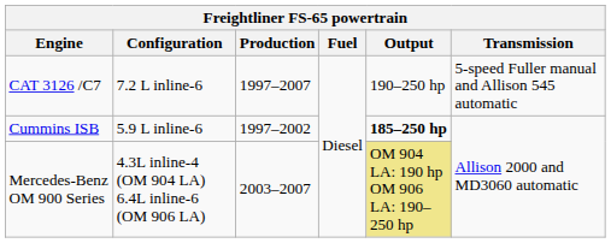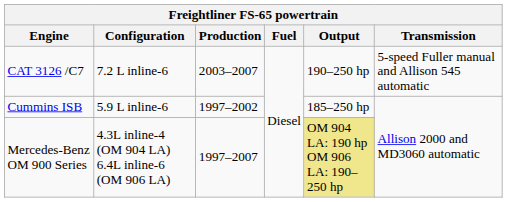 <table class="wikitable">
 <tr>
 <th colspan="6">Freightliner FS-65 powertrain</th>
 </tr>
 <tr>
 <th>Engine</th>
 <th>Configuration</th>
 <th>Production</th>
 <th>Fuel</th>
 <th>Output</th>
 <th>Transmission</th>
 </tr>
 <tr>
 <td><a href='#'>CAT 3126</a> /C7</td>
 <td>7.2 L inline-6</td>
-<td>1997–2007</td>
+<td>2003–2007</td>
 <td rowspan="3">Diesel</td>
 <td>190–250 hp</td>
 <td>5-speed Fuller manual and Allison 545 automatic</td>
 </tr>
 <tr>
 <td><a href='#'>Cummins ISB</a></td>
 <td>5.9 L inline-6</td>
 <td>1997–2002</td>
-<td><strong>185–250 hp</strong></td>
+<td>185–250 hp</td>
 <td rowspan="2"><a href='#'>Allison</a> 2000 and MD3060 automatic</td>
 </tr>
 <tr>
 <td>Mercedes-Benz OM 900 Series</td>
 <td>4.3L inline-4 (OM 904 LA)<br>6.4L inline-6 (OM 906 LA)</td>
-<td>2003–2007</td>
+<td>1997–2007</td>
 <td style="background: khaki;">OM 904 LA: 190 hp<br>OM 906 LA: 190–250 hp</td>
 </tr>
 </table>
